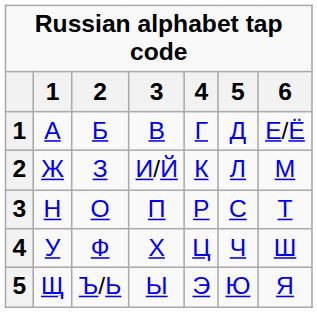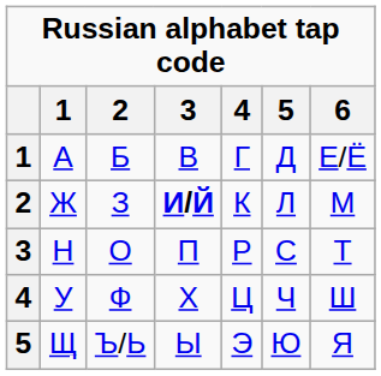 <table class="wikitable" align=right style="width:100%; width:200px; text-align:center;">
 <tr>
 <td colspan=7><strong>Russian alphabet tap code</strong></td>
 </tr>
 <tr>
 <th></th>
 <th>1</th>
 <th>2</th>
 <th>3</th>
 <th>4</th>
 <th>5</th>
 <th>6</th>
 </tr>
 <tr>
 <th>1</th>
 <td><a href='#'>А</a></td>
 <td><a href='#'>Б</a></td>
 <td><a href='#'>В</a></td>
 <td><a href='#'>Г</a></td>
 <td><a href='#'>Д</a></td>
 <td><a href='#'>Е</a>/<a href='#'>Ё</a></td>
 </tr>
 <tr>
 <th>2</th>
 <td><a href='#'>Ж</a></td>
 <td><a href='#'>З</a></td>
-<td><a href='#'>И</a>/<a href='#'>Й</a></td>
+<td><strong><a href='#'>И</a>/<a href='#'>Й</a></strong></td>
 <td><a href='#'>К</a></td>
 <td><a href='#'>Л</a></td>
 <td><a href='#'>М</a></td>
 </tr>
 <tr>
 <th>3</th>
 <td><a href='#'>Н</a></td>
 <td><a href='#'>О</a></td>
 <td><a href='#'>П</a></td>
 <td><a href='#'>Р</a></td>
 <td><a href='#'>С</a></td>
 <td><a href='#'>Т</a></td>
 </tr>
 <tr>
 <th>4</th>
 <td><a href='#'>У</a></td>
 <td><a href='#'>Ф</a></td>
 <td><a href='#'>Х</a></td>
 <td><a href='#'>Ц</a></td>
 <td><a href='#'>Ч</a></td>
 <td><a href='#'>Ш</a></td>
 </tr>
 <tr>
 <th>5</th>
 <td><a href='#'>Щ</a></td>
 <td><a href='#'>Ъ</a>/<a href='#'>Ь</a></td>
 <td><a href='#'>Ы</a></td>
 <td><a href='#'>Э</a></td>
 <td><a href='#'>Ю</a></td>
 <td><a href='#'>Я</a></td>
 </tr>
 </table>
